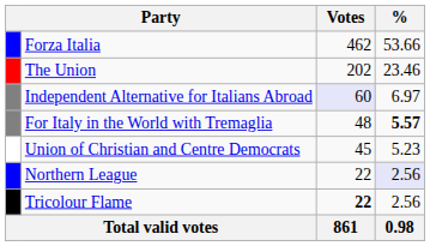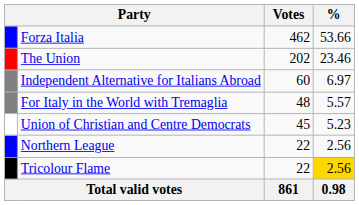 <table class="wikitable">
 <tr>
 <th colspan="2" style="width: 130px">Party</th>
 <th style="width: 50px">Votes</th>
 <th style="width: 40px">%</th>
 </tr>
 <tr>
 <td style="background-color:blue">  </td>
 <td style="text-align: left"><a href='#'>Forza Italia</a></td>
 <td style="text-align: right">462</td>
 <td style="text-align: right">53.66</td>
 </tr>
 <tr>
 <td style="background-color:red">  </td>
 <td style="text-align: left"><a href='#'>The Union</a></td>
 <td style="text-align: right">202</td>
 <td style="text-align: right">23.46</td>
 </tr>
 <tr>
 <td style="background-color:grey">  </td>
 <td style="text-align: left"><a href='#'>Independent Alternative for Italians Abroad</a></td>
-<td align="right" style="background: lavender;">60</td>
+<td align="right">60</td>
 <td align="right">6.97</td>
 </tr>
 <tr>
 <td style="background-color:grey">  </td>
 <td style="text-align: left"><a href='#'>For Italy in the World with Tremaglia</a></td>
 <td align="right">48</td>
-<td align="right"><strong>5.57</strong></td>
+<td align="right">5.57</td>
 </tr>
 <tr>
 <td style="background-color:white">  </td>
 <td style="text-align: left"><a href='#'>Union of Christian and Centre Democrats</a></td>
 <td align="right">45</td>
 <td align="right">5.23</td>
 </tr>
 <tr>
 <td style="background-color:blue">  </td>
 <td style="text-align: left"><a href='#'>Northern League</a></td>
 <td align="right">22</td>
-<td align="right" style="background: lavender;">2.56</td>
+<td align="right">2.56</td>
 </tr>
 <tr>
 <td style="background-color:black">  </td>
 <td style="text-align: left"><a href='#'>Tricolour Flame</a></td>
-<td align="right"><strong>22</strong></td>
-<td align="right">2.56</td>
+<td align="right">22</td>
+<td align="right" style="background: gold;">2.56</td>
 </tr>
 <tr bgcolor="white">
 <th align="right" colspan=2>Total valid votes</th>
 <th align="right">861</th>
 <th align="right">0.98</th>
 </tr>
 </table>
